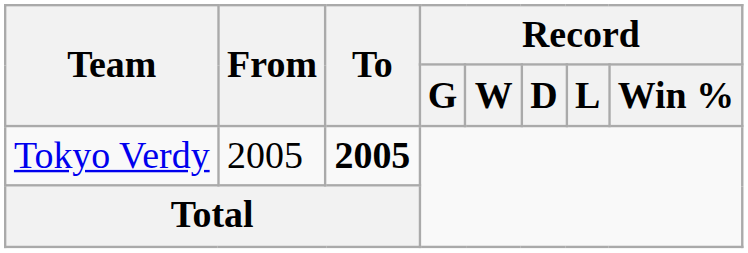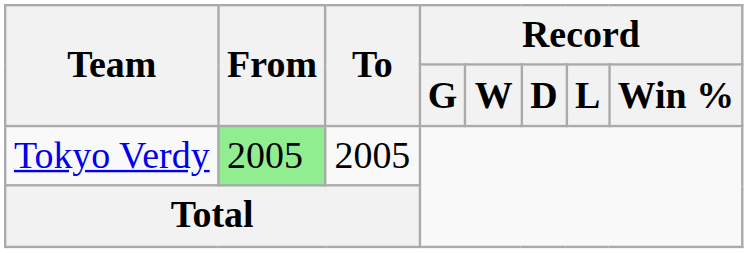 <table class="wikitable" style="text-align: center">
 <tr>
 <th rowspan="2">Team</th>
 <th rowspan="2">From</th>
 <th rowspan="2">To</th>
 <th colspan="5">Record</th>
 </tr>
 <tr>
 <th>G</th>
 <th>W</th>
 <th>D</th>
 <th>L</th>
 <th>Win %</th>
 </tr>
 <tr>
 <td align="left"><a href='#'>Tokyo Verdy</a></td>
-<td align="left">2005</td>
-<td align="left"><strong>2005<br></strong></td>
+<td align="left" style="background: lightgreen;">2005</td>
+<td align="left">2005<br></td>
 </tr>
 <tr>
 <th colspan="3">Total<br></th>
 </tr>
 </table>
